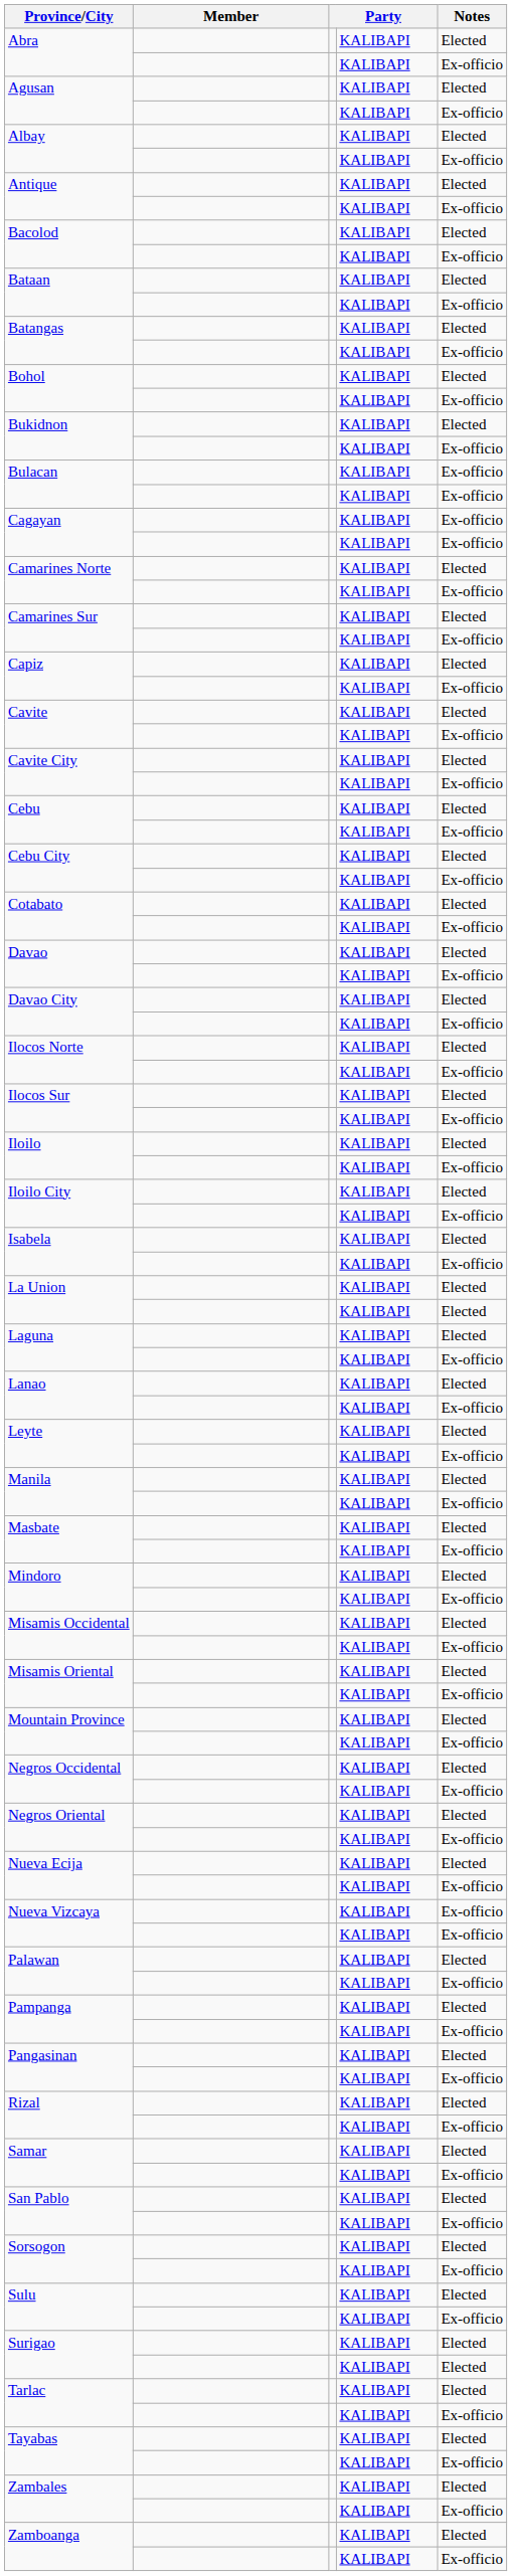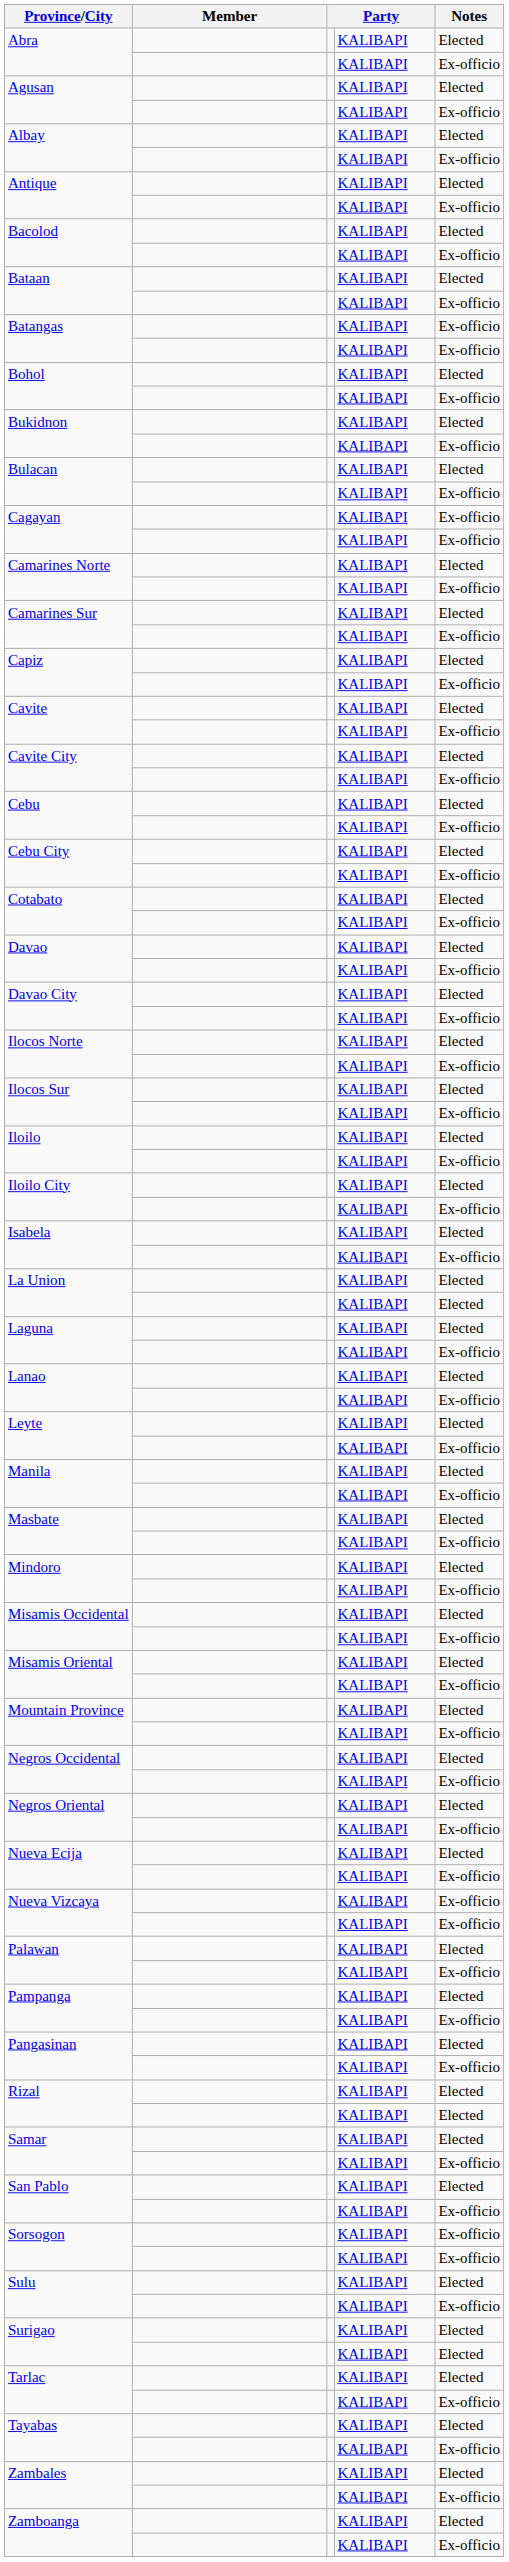 <table class="wikitable sortable">
 <tr>
 <th><a href='#'>Province</a>/<a href='#'>City</a></th>
 <th width="200px">Member</th>
 <th colspan="2"><a href='#'>Party</a></th>
 <th>Notes</th>
 </tr>
 <tr>
 <td rowspan="2" valign="top"><a href='#'>Abra</a></td>
 <td></td>
 <td></td>
 <td width="100px"><a href='#'>KALIBAPI</a></td>
 <td>Elected</td>
 </tr>
 <tr>
 <td></td>
 <td></td>
 <td><a href='#'>KALIBAPI</a></td>
 <td>Ex-officio</td>
 </tr>
 <tr>
 <td rowspan="2" valign="top"><a href='#'>Agusan</a></td>
 <td></td>
 <td></td>
 <td><a href='#'>KALIBAPI</a></td>
 <td>Elected</td>
 </tr>
 <tr>
 <td></td>
 <td></td>
 <td><a href='#'>KALIBAPI</a></td>
 <td>Ex-officio</td>
 </tr>
 <tr>
 <td rowspan="2" valign="top"><a href='#'>Albay</a></td>
 <td></td>
 <td></td>
 <td><a href='#'>KALIBAPI</a></td>
 <td>Elected</td>
 </tr>
 <tr>
 <td></td>
 <td></td>
 <td><a href='#'>KALIBAPI</a></td>
 <td>Ex-officio</td>
 </tr>
 <tr>
 <td rowspan="2" valign="top"><a href='#'>Antique</a></td>
 <td></td>
 <td></td>
 <td><a href='#'>KALIBAPI</a></td>
 <td>Elected</td>
 </tr>
 <tr>
 <td></td>
 <td></td>
 <td><a href='#'>KALIBAPI</a></td>
 <td>Ex-officio</td>
 </tr>
 <tr>
 <td rowspan="2" valign="top"><a href='#'>Bacolod</a></td>
 <td></td>
 <td></td>
 <td><a href='#'>KALIBAPI</a></td>
 <td>Elected</td>
 </tr>
 <tr>
 <td></td>
 <td></td>
 <td><a href='#'>KALIBAPI</a></td>
 <td>Ex-officio</td>
 </tr>
 <tr>
 <td rowspan="2" valign="top"><a href='#'>Bataan</a></td>
 <td></td>
 <td></td>
 <td><a href='#'>KALIBAPI</a></td>
 <td>Elected</td>
 </tr>
 <tr>
 <td></td>
 <td></td>
 <td><a href='#'>KALIBAPI</a></td>
 <td>Ex-officio</td>
 </tr>
 <tr>
 <td rowspan="2" valign="top"><a href='#'>Batangas</a></td>
 <td></td>
 <td></td>
 <td><a href='#'>KALIBAPI</a></td>
-<td>Elected</td>
+<td>Ex-officio</td>
 </tr>
 <tr>
 <td></td>
 <td></td>
 <td><a href='#'>KALIBAPI</a></td>
 <td>Ex-officio</td>
 </tr>
 <tr>
 <td rowspan="2" valign="top"><a href='#'>Bohol</a></td>
 <td></td>
 <td></td>
 <td><a href='#'>KALIBAPI</a></td>
 <td>Elected</td>
 </tr>
 <tr>
 <td></td>
 <td></td>
 <td><a href='#'>KALIBAPI</a></td>
 <td>Ex-officio</td>
 </tr>
 <tr>
 <td rowspan="2" valign="top"><a href='#'>Bukidnon</a></td>
 <td></td>
 <td></td>
 <td><a href='#'>KALIBAPI</a></td>
 <td>Elected</td>
 </tr>
 <tr>
 <td></td>
 <td></td>
 <td><a href='#'>KALIBAPI</a></td>
 <td>Ex-officio</td>
 </tr>
 <tr>
 <td rowspan="2" valign="top"><a href='#'>Bulacan</a></td>
 <td></td>
 <td></td>
 <td><a href='#'>KALIBAPI</a></td>
-<td>Ex-officio</td>
+<td>Elected</td>
 </tr>
 <tr>
 <td></td>
 <td></td>
 <td><a href='#'>KALIBAPI</a></td>
 <td>Ex-officio</td>
 </tr>
 <tr>
 <td rowspan="2" valign="top"><a href='#'>Cagayan</a></td>
 <td></td>
 <td></td>
 <td><a href='#'>KALIBAPI</a></td>
 <td>Ex-officio</td>
 </tr>
 <tr>
 <td></td>
 <td></td>
 <td><a href='#'>KALIBAPI</a></td>
 <td>Ex-officio</td>
 </tr>
 <tr>
 <td rowspan="2" valign="top"><a href='#'>Camarines Norte</a></td>
 <td></td>
 <td></td>
 <td><a href='#'>KALIBAPI</a></td>
 <td>Elected</td>
 </tr>
 <tr>
 <td></td>
 <td></td>
 <td><a href='#'>KALIBAPI</a></td>
 <td>Ex-officio</td>
 </tr>
 <tr>
 <td rowspan="2" valign="top"><a href='#'>Camarines Sur</a></td>
 <td></td>
 <td></td>
 <td><a href='#'>KALIBAPI</a></td>
 <td>Elected</td>
 </tr>
 <tr>
 <td></td>
 <td></td>
 <td><a href='#'>KALIBAPI</a></td>
 <td>Ex-officio</td>
 </tr>
 <tr>
 <td rowspan="2" valign="top"><a href='#'>Capiz</a></td>
 <td></td>
 <td></td>
 <td><a href='#'>KALIBAPI</a></td>
 <td>Elected</td>
 </tr>
 <tr>
 <td></td>
 <td></td>
 <td><a href='#'>KALIBAPI</a></td>
 <td>Ex-officio</td>
 </tr>
 <tr>
 <td rowspan="2" valign="top"><a href='#'>Cavite</a></td>
 <td></td>
 <td></td>
 <td><a href='#'>KALIBAPI</a></td>
 <td>Elected</td>
 </tr>
 <tr>
 <td></td>
 <td></td>
 <td><a href='#'>KALIBAPI</a></td>
 <td>Ex-officio</td>
 </tr>
 <tr>
 <td rowspan="2" valign="top"><a href='#'>Cavite City</a></td>
 <td></td>
 <td></td>
 <td><a href='#'>KALIBAPI</a></td>
 <td>Elected</td>
 </tr>
 <tr>
 <td></td>
 <td></td>
 <td><a href='#'>KALIBAPI</a></td>
 <td>Ex-officio</td>
 </tr>
 <tr>
 <td rowspan="2" valign="top"><a href='#'>Cebu</a></td>
 <td></td>
 <td></td>
 <td><a href='#'>KALIBAPI</a></td>
 <td>Elected</td>
 </tr>
 <tr>
 <td></td>
 <td></td>
 <td><a href='#'>KALIBAPI</a></td>
 <td>Ex-officio</td>
 </tr>
 <tr>
 <td rowspan="2" valign="top"><a href='#'>Cebu City</a></td>
 <td></td>
 <td></td>
 <td><a href='#'>KALIBAPI</a></td>
 <td>Elected</td>
 </tr>
 <tr>
 <td></td>
 <td></td>
 <td><a href='#'>KALIBAPI</a></td>
 <td>Ex-officio</td>
 </tr>
 <tr>
 <td rowspan="2" valign="top"><a href='#'>Cotabato</a></td>
 <td></td>
 <td></td>
 <td><a href='#'>KALIBAPI</a></td>
 <td>Elected</td>
 </tr>
 <tr>
 <td></td>
 <td></td>
 <td><a href='#'>KALIBAPI</a></td>
 <td>Ex-officio</td>
 </tr>
 <tr>
 <td rowspan="2" valign="top"><a href='#'>Davao</a></td>
 <td></td>
 <td></td>
 <td><a href='#'>KALIBAPI</a></td>
 <td>Elected</td>
 </tr>
 <tr>
 <td></td>
 <td></td>
 <td><a href='#'>KALIBAPI</a></td>
 <td>Ex-officio</td>
 </tr>
 <tr>
 <td rowspan="2" valign="top"><a href='#'>Davao City</a></td>
 <td></td>
 <td></td>
 <td><a href='#'>KALIBAPI</a></td>
 <td>Elected</td>
 </tr>
 <tr>
 <td></td>
 <td></td>
 <td><a href='#'>KALIBAPI</a></td>
 <td>Ex-officio</td>
 </tr>
 <tr>
 <td rowspan="2" valign="top"><a href='#'>Ilocos Norte</a></td>
 <td></td>
 <td></td>
 <td><a href='#'>KALIBAPI</a></td>
 <td>Elected</td>
 </tr>
 <tr>
 <td></td>
 <td></td>
 <td><a href='#'>KALIBAPI</a></td>
 <td>Ex-officio</td>
 </tr>
 <tr>
 <td rowspan="2" valign="top"><a href='#'>Ilocos Sur</a></td>
 <td></td>
 <td></td>
 <td><a href='#'>KALIBAPI</a></td>
 <td>Elected</td>
 </tr>
 <tr>
 <td></td>
 <td></td>
 <td><a href='#'>KALIBAPI</a></td>
 <td>Ex-officio</td>
 </tr>
 <tr>
 <td rowspan="2" valign="top"><a href='#'>Iloilo</a></td>
 <td></td>
 <td></td>
 <td><a href='#'>KALIBAPI</a></td>
 <td>Elected</td>
 </tr>
 <tr>
 <td></td>
 <td></td>
 <td><a href='#'>KALIBAPI</a></td>
 <td>Ex-officio</td>
 </tr>
 <tr>
 <td rowspan="2" valign="top"><a href='#'>Iloilo City</a></td>
 <td></td>
 <td></td>
 <td><a href='#'>KALIBAPI</a></td>
 <td>Elected</td>
 </tr>
 <tr>
 <td></td>
 <td></td>
 <td><a href='#'>KALIBAPI</a></td>
 <td>Ex-officio</td>
 </tr>
 <tr>
 <td rowspan="2" valign="top"><a href='#'>Isabela</a></td>
 <td></td>
 <td></td>
 <td><a href='#'>KALIBAPI</a></td>
 <td>Elected</td>
 </tr>
 <tr>
 <td></td>
 <td></td>
 <td><a href='#'>KALIBAPI</a></td>
 <td>Ex-officio</td>
 </tr>
 <tr>
 <td rowspan="2" valign="top"><a href='#'>La Union</a></td>
 <td></td>
 <td></td>
 <td><a href='#'>KALIBAPI</a></td>
 <td>Elected</td>
 </tr>
 <tr>
 <td></td>
 <td></td>
 <td><a href='#'>KALIBAPI</a></td>
 <td>Elected</td>
 </tr>
 <tr>
 <td rowspan="2" valign="top"><a href='#'>Laguna</a></td>
 <td></td>
 <td></td>
 <td><a href='#'>KALIBAPI</a></td>
 <td>Elected</td>
 </tr>
 <tr>
 <td></td>
 <td></td>
 <td><a href='#'>KALIBAPI</a></td>
 <td>Ex-officio</td>
 </tr>
 <tr>
 <td rowspan="2" valign="top"><a href='#'>Lanao</a></td>
 <td></td>
 <td></td>
 <td><a href='#'>KALIBAPI</a></td>
 <td>Elected</td>
 </tr>
 <tr>
 <td></td>
 <td></td>
 <td><a href='#'>KALIBAPI</a></td>
 <td>Ex-officio</td>
 </tr>
 <tr>
 <td rowspan="2" valign="top"><a href='#'>Leyte</a></td>
 <td></td>
 <td></td>
 <td><a href='#'>KALIBAPI</a></td>
 <td>Elected</td>
 </tr>
 <tr>
 <td></td>
 <td></td>
 <td><a href='#'>KALIBAPI</a></td>
 <td>Ex-officio</td>
 </tr>
 <tr>
 <td rowspan="2" valign="top"><a href='#'>Manila</a></td>
 <td></td>
 <td></td>
 <td><a href='#'>KALIBAPI</a></td>
 <td>Elected</td>
 </tr>
 <tr>
 <td></td>
 <td></td>
 <td><a href='#'>KALIBAPI</a></td>
 <td>Ex-officio</td>
 </tr>
 <tr>
 <td rowspan="2" valign="top"><a href='#'>Masbate</a></td>
 <td></td>
 <td></td>
 <td><a href='#'>KALIBAPI</a></td>
 <td>Elected</td>
 </tr>
 <tr>
 <td></td>
 <td></td>
 <td><a href='#'>KALIBAPI</a></td>
 <td>Ex-officio</td>
 </tr>
 <tr>
 <td rowspan="2" valign="top"><a href='#'>Mindoro</a></td>
 <td></td>
 <td></td>
 <td><a href='#'>KALIBAPI</a></td>
 <td>Elected</td>
 </tr>
 <tr>
 <td></td>
 <td></td>
 <td><a href='#'>KALIBAPI</a></td>
 <td>Ex-officio</td>
 </tr>
 <tr>
 <td rowspan="2" valign="top"><a href='#'>Misamis Occidental</a></td>
 <td></td>
 <td></td>
 <td><a href='#'>KALIBAPI</a></td>
 <td>Elected</td>
 </tr>
 <tr>
 <td></td>
 <td></td>
 <td><a href='#'>KALIBAPI</a></td>
 <td>Ex-officio</td>
 </tr>
 <tr>
 <td rowspan="2" valign="top"><a href='#'>Misamis Oriental</a></td>
 <td></td>
 <td></td>
 <td><a href='#'>KALIBAPI</a></td>
 <td>Elected</td>
 </tr>
 <tr>
 <td></td>
 <td></td>
 <td><a href='#'>KALIBAPI</a></td>
 <td>Ex-officio</td>
 </tr>
 <tr>
 <td rowspan="2" valign="top"><a href='#'>Mountain Province</a></td>
 <td></td>
 <td></td>
 <td><a href='#'>KALIBAPI</a></td>
 <td>Elected</td>
 </tr>
 <tr>
 <td></td>
 <td></td>
 <td><a href='#'>KALIBAPI</a></td>
 <td>Ex-officio</td>
 </tr>
 <tr>
 <td rowspan="2" valign="top"><a href='#'>Negros Occidental</a></td>
 <td></td>
 <td></td>
 <td><a href='#'>KALIBAPI</a></td>
 <td>Elected</td>
 </tr>
 <tr>
 <td></td>
 <td></td>
 <td><a href='#'>KALIBAPI</a></td>
 <td>Ex-officio</td>
 </tr>
 <tr>
 <td rowspan="2" valign="top"><a href='#'>Negros Oriental</a></td>
 <td></td>
 <td></td>
 <td><a href='#'>KALIBAPI</a></td>
 <td>Elected</td>
 </tr>
 <tr>
 <td></td>
 <td></td>
 <td><a href='#'>KALIBAPI</a></td>
 <td>Ex-officio</td>
 </tr>
 <tr>
 <td rowspan="2" valign="top"><a href='#'>Nueva Ecija</a></td>
 <td></td>
 <td></td>
 <td><a href='#'>KALIBAPI</a></td>
 <td>Elected</td>
 </tr>
 <tr>
 <td></td>
 <td></td>
 <td><a href='#'>KALIBAPI</a></td>
 <td>Ex-officio</td>
 </tr>
 <tr>
 <td rowspan="2" valign="top"><a href='#'>Nueva Vizcaya</a></td>
 <td></td>
 <td></td>
 <td><a href='#'>KALIBAPI</a></td>
 <td>Ex-officio</td>
 </tr>
 <tr>
 <td></td>
 <td></td>
 <td><a href='#'>KALIBAPI</a></td>
 <td>Ex-officio</td>
 </tr>
 <tr>
 <td rowspan="2" valign="top"><a href='#'>Palawan</a></td>
 <td></td>
 <td></td>
 <td><a href='#'>KALIBAPI</a></td>
 <td>Elected</td>
 </tr>
 <tr>
 <td></td>
 <td></td>
 <td><a href='#'>KALIBAPI</a></td>
 <td>Ex-officio</td>
 </tr>
 <tr>
 <td rowspan="2" valign="top"><a href='#'>Pampanga</a></td>
 <td></td>
 <td></td>
 <td><a href='#'>KALIBAPI</a></td>
 <td>Elected</td>
 </tr>
 <tr>
 <td></td>
 <td></td>
 <td><a href='#'>KALIBAPI</a></td>
 <td>Ex-officio</td>
 </tr>
 <tr>
 <td rowspan="2" valign="top"><a href='#'>Pangasinan</a></td>
 <td></td>
 <td></td>
 <td><a href='#'>KALIBAPI</a></td>
 <td>Elected</td>
 </tr>
 <tr>
 <td></td>
 <td></td>
 <td><a href='#'>KALIBAPI</a></td>
 <td>Ex-officio</td>
 </tr>
 <tr>
 <td rowspan="2" valign="top"><a href='#'>Rizal</a></td>
 <td></td>
 <td></td>
 <td><a href='#'>KALIBAPI</a></td>
 <td>Elected</td>
 </tr>
 <tr>
 <td></td>
 <td></td>
 <td><a href='#'>KALIBAPI</a></td>
-<td>Ex-officio</td>
+<td>Elected</td>
 </tr>
 <tr>
 <td rowspan="2" valign="top"><a href='#'>Samar</a></td>
 <td></td>
 <td></td>
 <td><a href='#'>KALIBAPI</a></td>
 <td>Elected</td>
 </tr>
 <tr>
 <td></td>
 <td></td>
 <td><a href='#'>KALIBAPI</a></td>
 <td>Ex-officio</td>
 </tr>
 <tr>
 <td rowspan="2" valign="top"><a href='#'>San Pablo</a></td>
 <td></td>
 <td></td>
 <td><a href='#'>KALIBAPI</a></td>
 <td>Elected</td>
 </tr>
 <tr>
 <td></td>
 <td></td>
 <td><a href='#'>KALIBAPI</a></td>
 <td>Ex-officio</td>
 </tr>
 <tr>
 <td rowspan="2" valign="top"><a href='#'>Sorsogon</a></td>
 <td></td>
 <td></td>
 <td><a href='#'>KALIBAPI</a></td>
-<td>Elected</td>
+<td>Ex-officio</td>
 </tr>
 <tr>
 <td></td>
 <td></td>
 <td><a href='#'>KALIBAPI</a></td>
 <td>Ex-officio</td>
 </tr>
 <tr>
 <td rowspan="2" valign="top"><a href='#'>Sulu</a></td>
 <td></td>
 <td></td>
 <td><a href='#'>KALIBAPI</a></td>
 <td>Elected</td>
 </tr>
 <tr>
 <td></td>
 <td></td>
 <td><a href='#'>KALIBAPI</a></td>
 <td>Ex-officio</td>
 </tr>
 <tr>
 <td rowspan="2" valign="top"><a href='#'>Surigao</a></td>
 <td></td>
 <td></td>
 <td><a href='#'>KALIBAPI</a></td>
 <td>Elected</td>
 </tr>
 <tr>
 <td></td>
 <td></td>
 <td><a href='#'>KALIBAPI</a></td>
 <td>Elected</td>
 </tr>
 <tr>
 <td rowspan="2" valign="top"><a href='#'>Tarlac</a></td>
 <td></td>
 <td></td>
 <td><a href='#'>KALIBAPI</a></td>
 <td>Elected</td>
 </tr>
 <tr>
 <td></td>
 <td></td>
 <td><a href='#'>KALIBAPI</a></td>
 <td>Ex-officio</td>
 </tr>
 <tr>
 <td rowspan="2" valign="top"><a href='#'>Tayabas</a></td>
 <td></td>
 <td></td>
 <td><a href='#'>KALIBAPI</a></td>
 <td>Elected</td>
 </tr>
 <tr>
 <td></td>
 <td></td>
 <td><a href='#'>KALIBAPI</a></td>
 <td>Ex-officio</td>
 </tr>
 <tr>
 <td rowspan="2" valign="top"><a href='#'>Zambales</a></td>
 <td></td>
 <td></td>
 <td><a href='#'>KALIBAPI</a></td>
 <td>Elected</td>
 </tr>
 <tr>
 <td></td>
 <td></td>
 <td><a href='#'>KALIBAPI</a></td>
 <td>Ex-officio</td>
 </tr>
 <tr>
 <td rowspan="2" valign="top"><a href='#'>Zamboanga</a></td>
 <td></td>
 <td></td>
 <td><a href='#'>KALIBAPI</a></td>
 <td>Elected</td>
 </tr>
 <tr>
 <td></td>
 <td></td>
 <td><a href='#'>KALIBAPI</a></td>
 <td>Ex-officio</td>
 </tr>
 </table>
